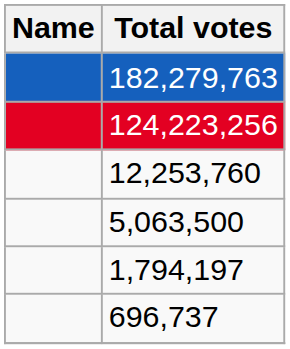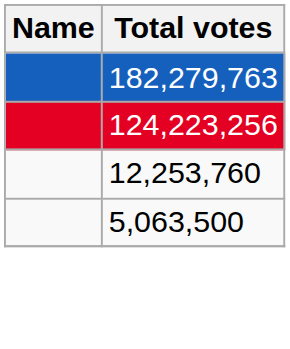 <table class="wikitable" style="width: auto">
 <tr>
 <th>Name</th>
 <th>Total votes</th>
 </tr>
 <tr style="background:#1560BD;color:#FFFFFF">
 <td></td>
 <td>182,279,763</td>
 </tr>
 <tr style="background:#E30022;color:#FFFFFF">
 <td></td>
 <td>124,223,256</td>
 </tr>
 <tr>
 <td></td>
 <td>12,253,760</td>
 </tr>
 <tr>
 <td></td>
 <td>5,063,500</td>
 </tr>
 <tr>
-<td></td>
-<td>1,794,197</td>
-</tr>
-<tr>
-<td></td>
-<td>696,737</td>
-</tr>
-<tr>
 </tr>
 </table>
